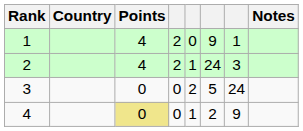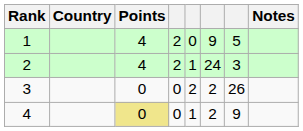 <table class="wikitable sortable" style="text-align: center;">
 <tr>
 <th>Rank</th>
 <th>Country</th>
 <th>Points</th>
 <th></th>
 <th></th>
 <th></th>
 <th></th>
 <th>Notes</th>
 </tr>
 <tr style="background:#cfc;">
 <td>1</td>
 <td align=left></td>
 <td>4</td>
 <td>2</td>
 <td>0</td>
 <td>9</td>
-<td>1</td>
+<td>5</td>
 <td></td>
 </tr>
 <tr style="background:#cfc;">
 <td>2</td>
 <td align=left></td>
 <td>4</td>
 <td>2</td>
 <td>1</td>
 <td>24</td>
 <td>3</td>
 <td></td>
 </tr>
 <tr>
 <td>3</td>
 <td align=left></td>
 <td>0</td>
 <td>0</td>
 <td>2</td>
-<td>5</td>
-<td>24</td>
+<td>2</td>
+<td>26</td>
 <td></td>
 </tr>
 <tr>
 <td>4</td>
 <td align=left></td>
 <td style="background: khaki;">0</td>
 <td>0</td>
 <td>1</td>
 <td>2</td>
 <td>9</td>
 <td></td>
 </tr>
 </table>
